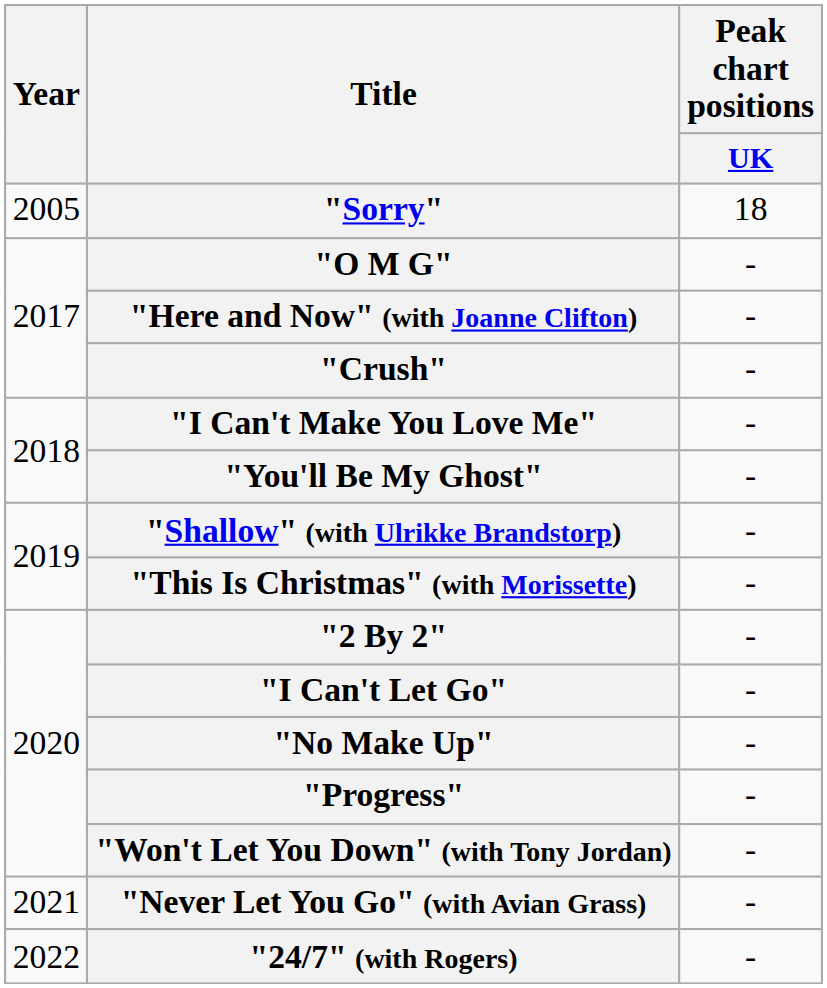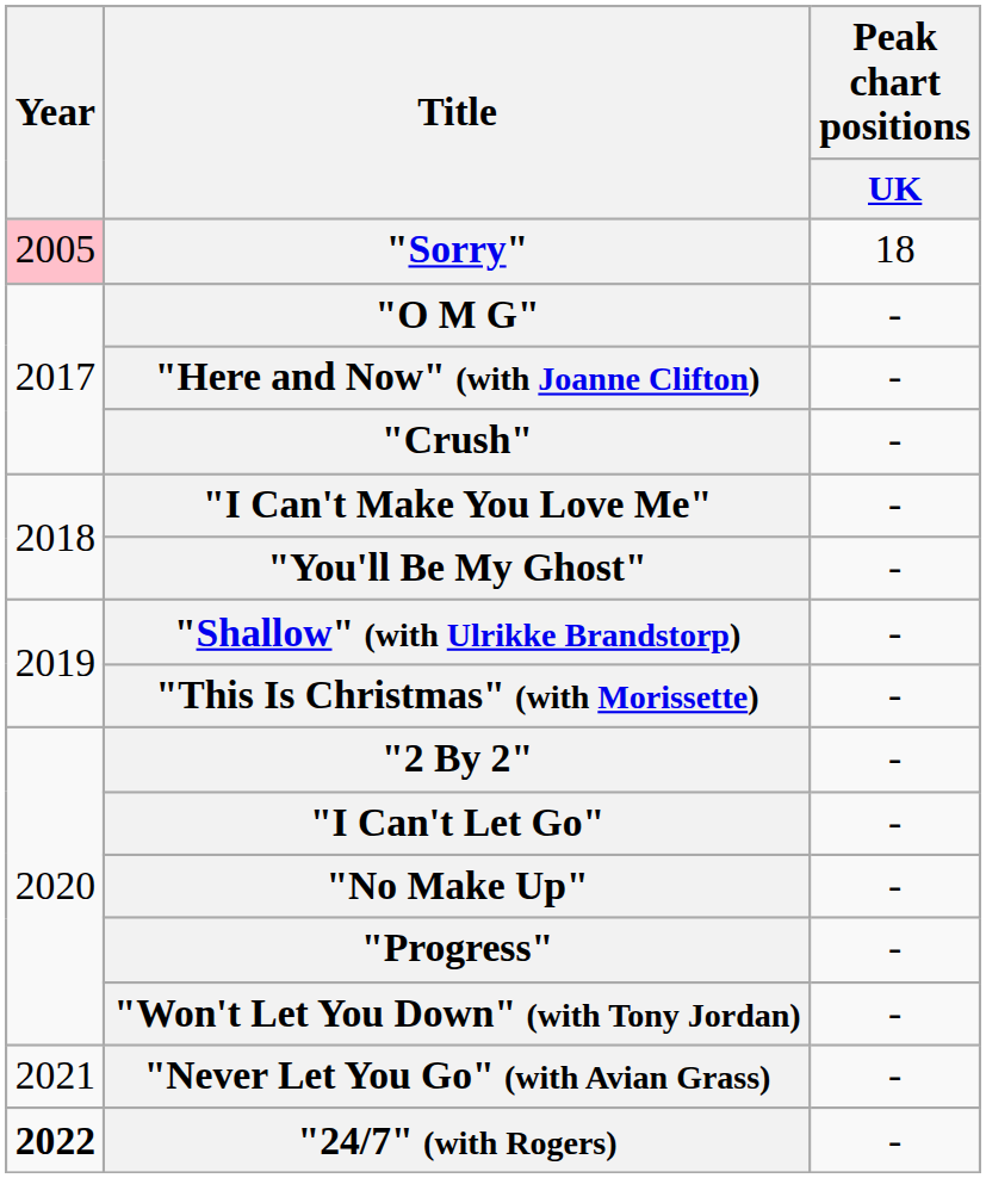 <table class="wikitable plainrowheaders" style="text-align:center;">
 <tr>
 <th scope="col" rowspan="2">Year</th>
 <th scope="col" rowspan="2">Title</th>
 <th scope="col" colspan="1">Peak chart positions</th>
 </tr>
 <tr>
 <th scope="col" style="width:3em;font-size:90%;"><a href='#'>UK</a><br></th>
 </tr>
 <tr>
-<td rowspan="1">2005</td>
+<td rowspan="1" style="background: pink;">2005</td>
 <th scope="row">"<a href='#'>Sorry</a>"</th>
 <td>18</td>
 </tr>
 <tr>
 <td rowspan="3">2017</td>
 <th scope="row">"O M G"</th>
 <td>-</td>
 </tr>
 <tr>
 <th scope="row">"Here and Now" <small>(with <a href='#'>Joanne Clifton</a>)</small></th>
 <td>-</td>
 </tr>
 <tr>
 <th scope="row">"Crush"</th>
 <td>-</td>
 </tr>
 <tr>
 <td rowspan="2">2018</td>
 <th scope="row">"I Can't Make You Love Me"</th>
 <td>-</td>
 </tr>
 <tr>
 <th scope="row">"You'll Be My Ghost"</th>
 <td>-</td>
 </tr>
 <tr>
 <td rowspan="2">2019</td>
 <th scope="row">"<a href='#'>Shallow</a>" <small>(with <a href='#'>Ulrikke Brandstorp</a>)</small></th>
 <td>-</td>
 </tr>
 <tr>
 <th scope="row">"This Is Christmas" <small>(with <a href='#'>Morissette</a>)</small></th>
 <td>-</td>
 </tr>
 <tr>
 <td rowspan="5">2020</td>
 <th scope="row">"2 By 2"</th>
 <td>-</td>
 </tr>
 <tr>
 <th scope="row">"I Can't Let Go"</th>
 <td>-</td>
 </tr>
 <tr>
 <th scope="row">"No Make Up"</th>
 <td>-</td>
 </tr>
 <tr>
 <th scope="row">"Progress"</th>
 <td>-</td>
 </tr>
 <tr>
 <th scope="row">"Won't Let You Down" <small>(with Tony Jordan)</small></th>
 <td>-</td>
 </tr>
 <tr>
 <td>2021</td>
 <th scope="row">"Never Let You Go" <small>(with Avian Grass)</small></th>
 <td>-</td>
 </tr>
 <tr>
-<td>2022</td>
+<td><strong>2022</strong></td>
 <th scope="row">"24/7" <small>(with Rogers)</small></th>
 <td>-</td>
 </tr>
 <tr>
 </tr>
 </table>
